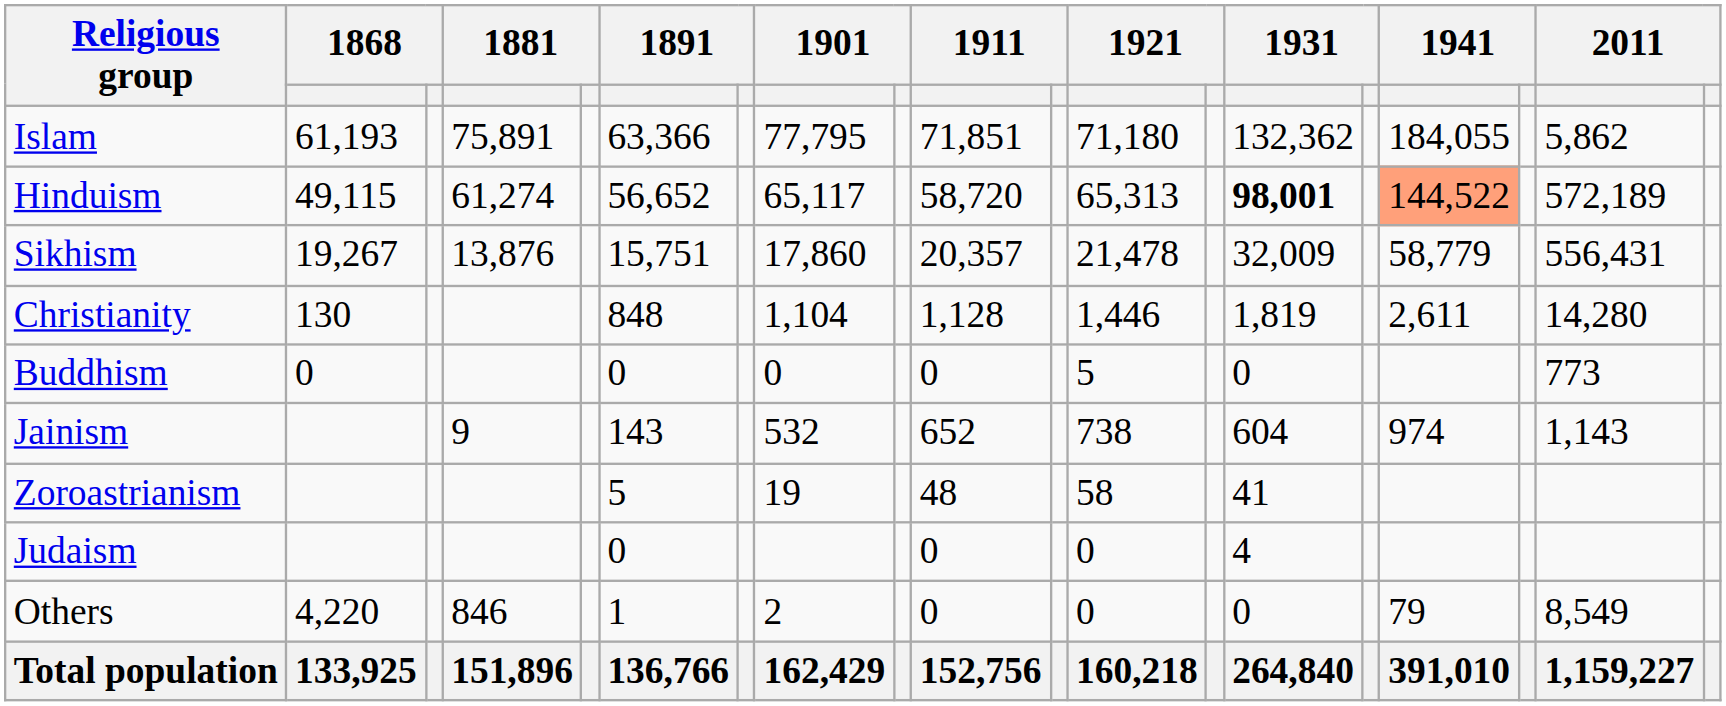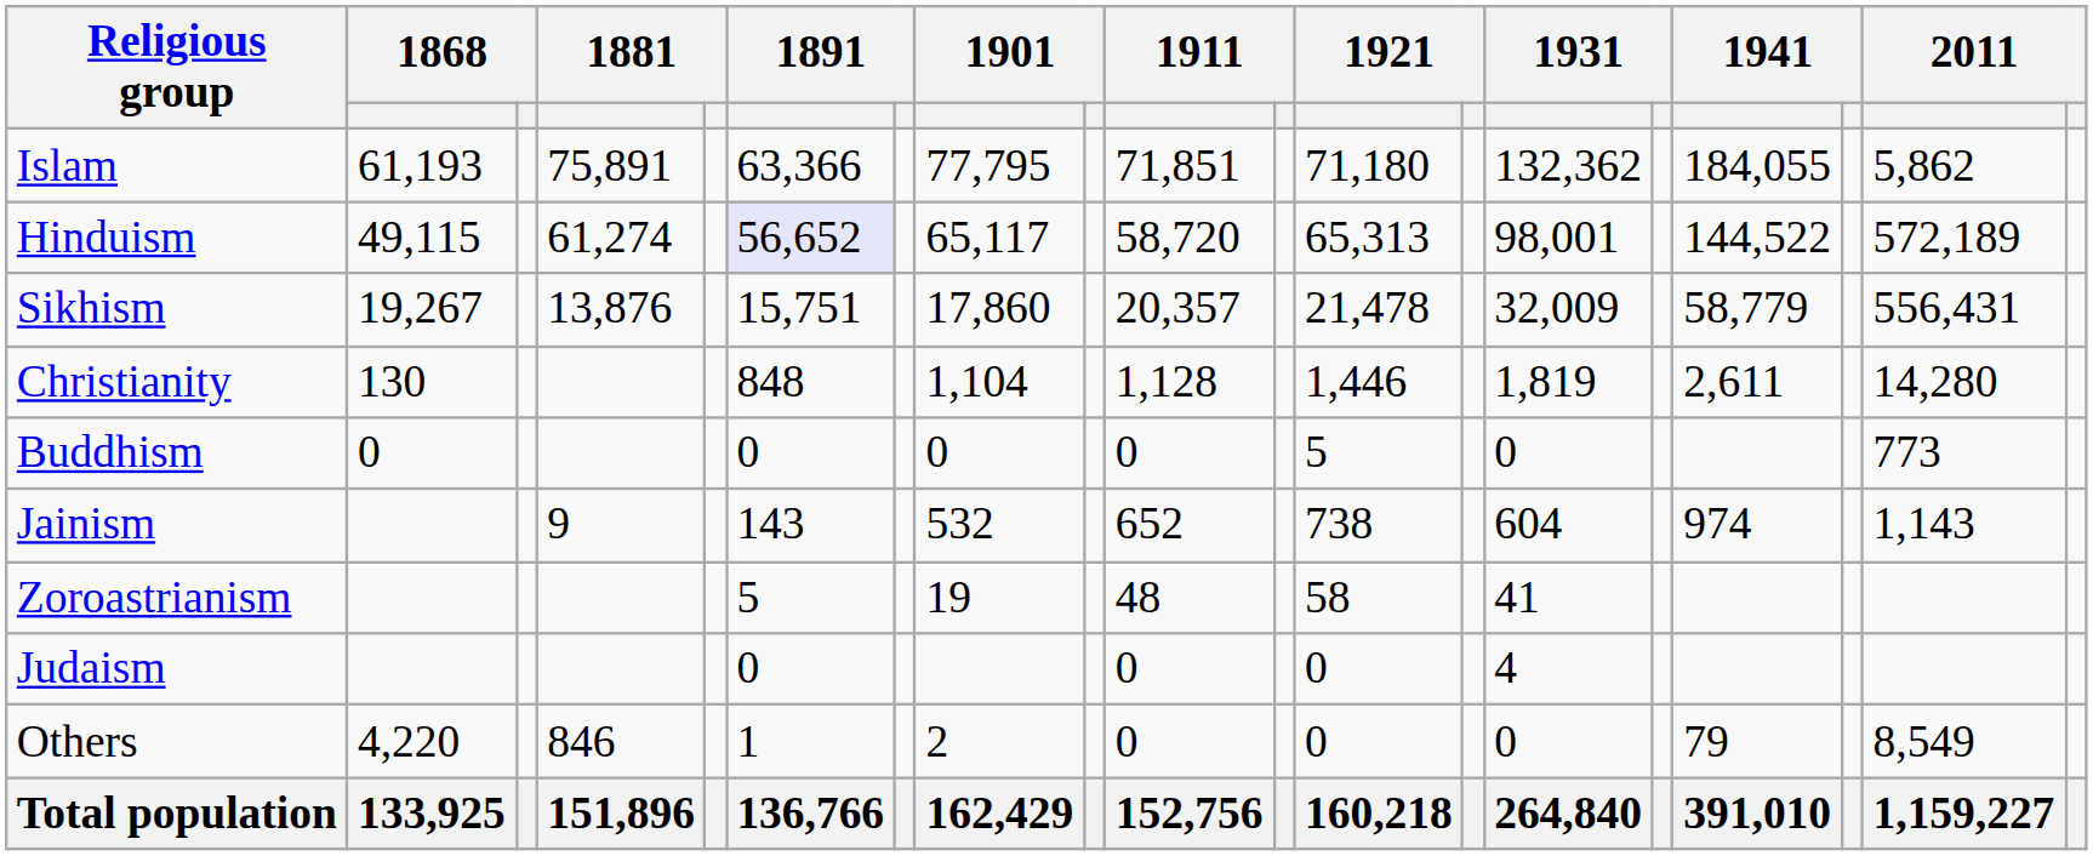 <table class="wikitable collapsible sortable">
 <tr>
 <th rowspan="2"><a href='#'>Religious</a><br>group</th>
 <th colspan="2">1868</th>
 <th colspan="2">1881</th>
 <th colspan="2">1891</th>
 <th colspan="2">1901</th>
 <th colspan="2">1911</th>
 <th colspan="2">1921</th>
 <th colspan="2">1931</th>
 <th colspan="2">1941</th>
 <th colspan="2">2011</th>
 </tr>
 <tr>
 <th><a href='#'></a></th>
 <th></th>
 <th></th>
 <th></th>
 <th></th>
 <th></th>
 <th></th>
 <th></th>
 <th></th>
 <th></th>
 <th></th>
 <th></th>
 <th></th>
 <th></th>
 <th></th>
 <th></th>
 <th></th>
 <th></th>
 </tr>
 <tr>
 <td><a href='#'>Islam</a> </td>
 <td>61,193</td>
 <td></td>
 <td>75,891</td>
 <td></td>
 <td>63,366</td>
 <td></td>
 <td>77,795</td>
 <td></td>
 <td>71,851</td>
 <td></td>
 <td>71,180</td>
 <td></td>
 <td>132,362</td>
 <td></td>
 <td>184,055</td>
 <td></td>
 <td>5,862</td>
 <td></td>
 </tr>
 <tr>
 <td><a href='#'>Hinduism</a> </td>
 <td>49,115</td>
 <td></td>
 <td>61,274</td>
 <td></td>
-<td>56,652</td>
+<td style="background: lavender;">56,652</td>
 <td></td>
 <td>65,117</td>
 <td></td>
 <td>58,720</td>
 <td></td>
 <td>65,313</td>
 <td></td>
-<td><strong>98,001</strong></td>
+<td>98,001</td>
 <td></td>
-<td style="background: lightsalmon;">144,522</td>
+<td>144,522</td>
 <td></td>
 <td>572,189</td>
 <td></td>
 </tr>
 <tr>
 <td><a href='#'>Sikhism</a> </td>
 <td>19,267</td>
 <td></td>
 <td>13,876</td>
 <td></td>
 <td>15,751</td>
 <td></td>
 <td>17,860</td>
 <td></td>
 <td>20,357</td>
 <td></td>
 <td>21,478</td>
 <td></td>
 <td>32,009</td>
 <td></td>
 <td>58,779</td>
 <td></td>
 <td>556,431</td>
 <td></td>
 </tr>
 <tr>
 <td><a href='#'>Christianity</a> </td>
 <td>130</td>
 <td></td>
 <td></td>
 <td></td>
 <td>848</td>
 <td></td>
 <td>1,104</td>
 <td></td>
 <td>1,128</td>
 <td></td>
 <td>1,446</td>
 <td></td>
 <td>1,819</td>
 <td></td>
 <td>2,611</td>
 <td></td>
 <td>14,280</td>
 <td></td>
 </tr>
 <tr>
 <td><a href='#'>Buddhism</a> </td>
 <td>0</td>
 <td></td>
 <td></td>
 <td></td>
 <td>0</td>
 <td></td>
 <td>0</td>
 <td></td>
 <td>0</td>
 <td></td>
 <td>5</td>
 <td></td>
 <td>0</td>
 <td></td>
 <td></td>
 <td></td>
 <td>773</td>
 <td></td>
 </tr>
 <tr>
 <td><a href='#'>Jainism</a> </td>
 <td></td>
 <td></td>
 <td>9</td>
 <td></td>
 <td>143</td>
 <td></td>
 <td>532</td>
 <td></td>
 <td>652</td>
 <td></td>
 <td>738</td>
 <td></td>
 <td>604</td>
 <td></td>
 <td>974</td>
 <td></td>
 <td>1,143</td>
 <td></td>
 </tr>
 <tr>
 <td><a href='#'>Zoroastrianism</a> </td>
 <td></td>
 <td></td>
 <td></td>
 <td></td>
 <td>5</td>
 <td></td>
 <td>19</td>
 <td></td>
 <td>48</td>
 <td></td>
 <td>58</td>
 <td></td>
 <td>41</td>
 <td></td>
 <td></td>
 <td></td>
 <td></td>
 <td></td>
 </tr>
 <tr>
 <td><a href='#'>Judaism</a> </td>
 <td></td>
 <td></td>
 <td></td>
 <td></td>
 <td>0</td>
 <td></td>
 <td></td>
 <td></td>
 <td>0</td>
 <td></td>
 <td>0</td>
 <td></td>
 <td>4</td>
 <td></td>
 <td></td>
 <td></td>
 <td></td>
 <td></td>
 </tr>
 <tr>
 <td>Others</td>
 <td>4,220</td>
 <td></td>
 <td>846</td>
 <td></td>
 <td>1</td>
 <td></td>
 <td>2</td>
 <td></td>
 <td>0</td>
 <td></td>
 <td>0</td>
 <td></td>
 <td>0</td>
 <td></td>
 <td>79</td>
 <td></td>
 <td>8,549</td>
 <td></td>
 </tr>
 <tr>
 <th>Total population</th>
 <th>133,925</th>
 <th></th>
 <th>151,896</th>
 <th></th>
 <th>136,766</th>
 <th></th>
 <th>162,429</th>
 <th></th>
 <th>152,756</th>
 <th></th>
 <th>160,218</th>
 <th></th>
 <th>264,840</th>
 <th></th>
 <th>391,010</th>
 <th></th>
 <th>1,159,227</th>
 <th></th>
 </tr>
 </table>
